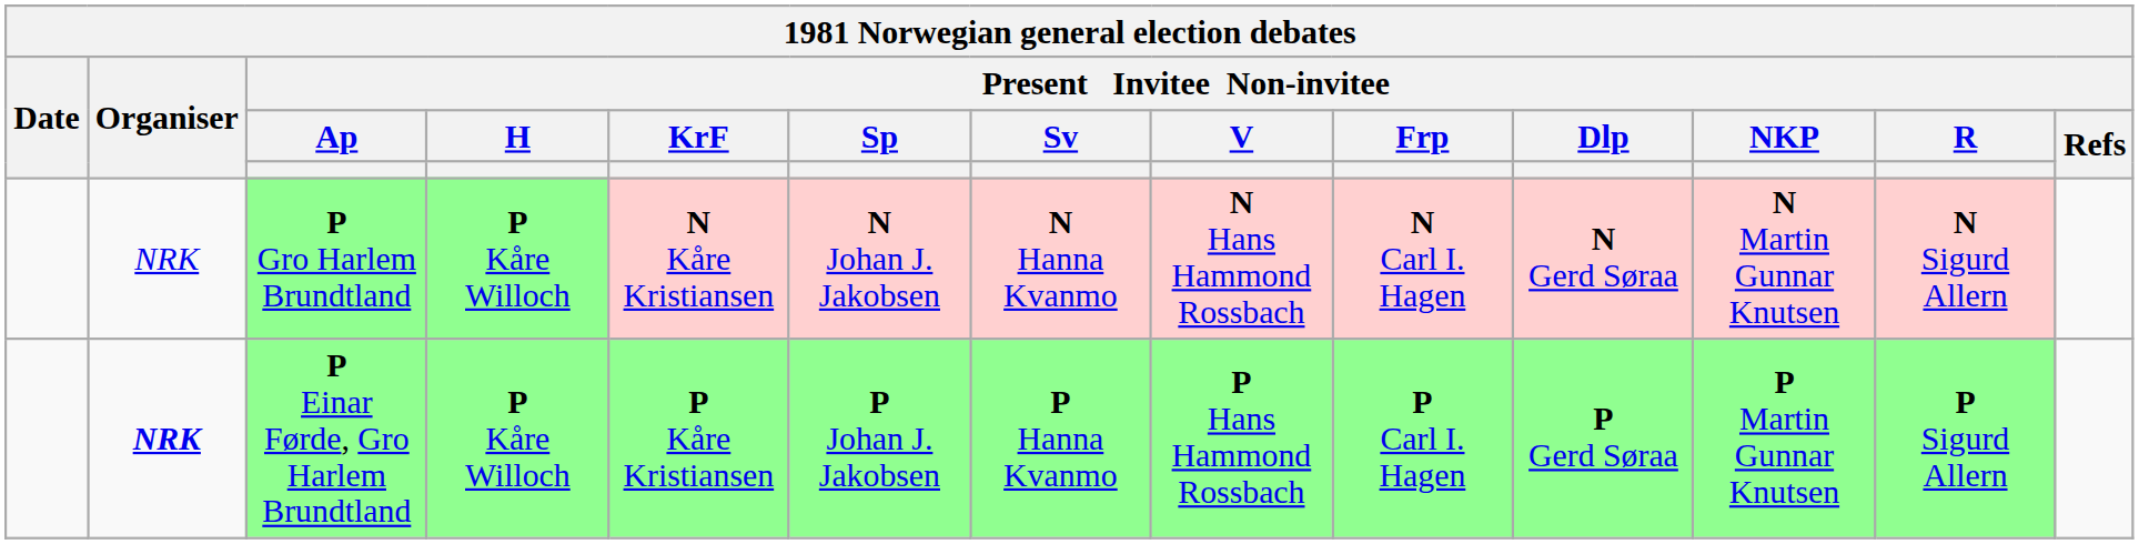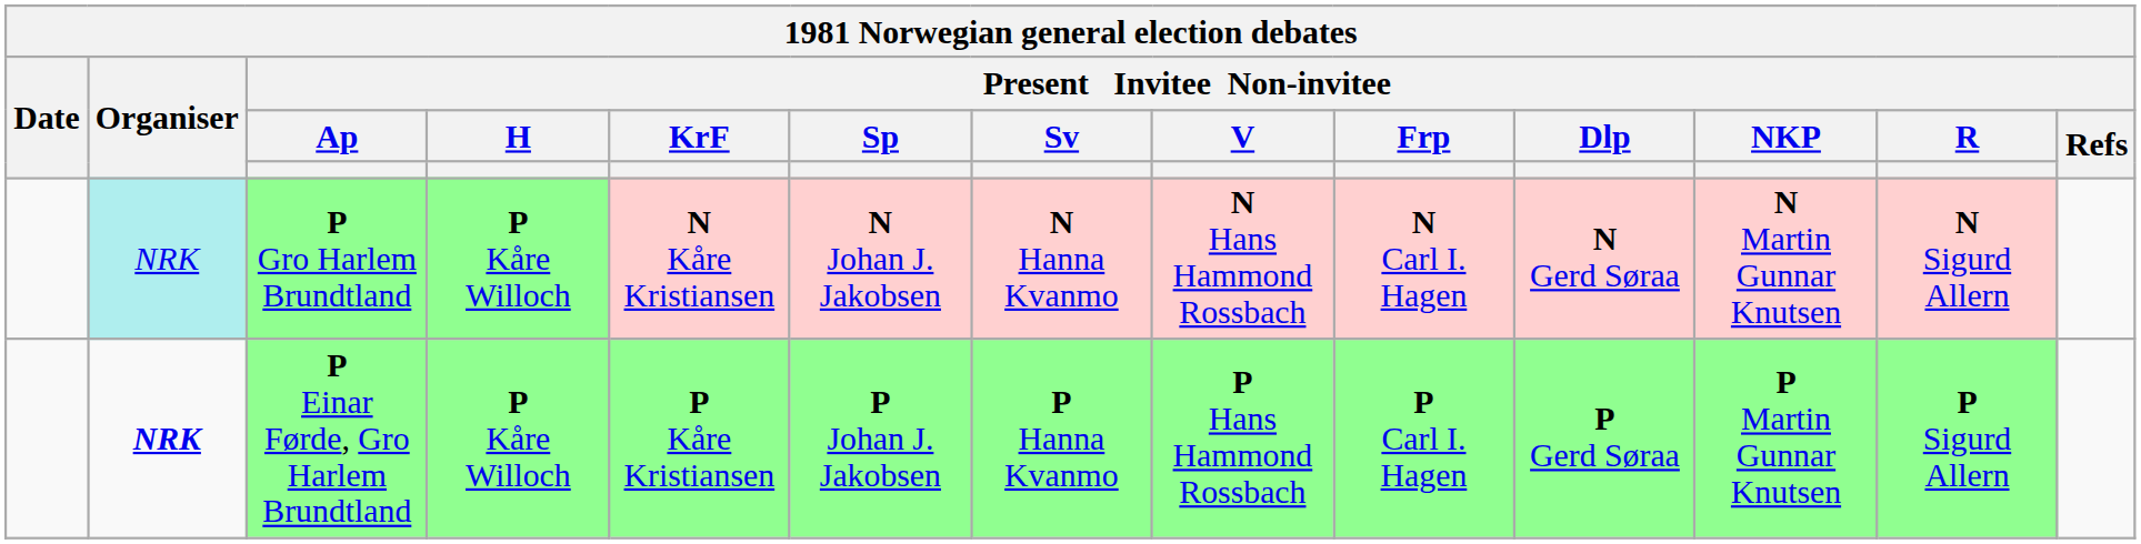 <table class="wikitable" style="font-size:85%; line-height:15px; text-align:center;">
 <tr>
 <th colspan="14">1981 Norwegian general election debates</th>
 </tr>
 <tr>
 <th rowspan="3">Date</th>
 <th rowspan="3">Organiser</th>
 <th colspan="11"> Present    Invitee  Non-invitee </th>
 </tr>
 <tr>
 <th scope="col" style="width:5em;"><a href='#'>Ap</a></th>
 <th scope="col" style="width:5em;"><a href='#'>H</a></th>
 <th scope="col" style="width:5em;"><a href='#'>KrF</a></th>
 <th scope="col" style="width:5em;"><a href='#'>Sp</a></th>
 <th scope="col" style="width:5em;"><a href='#'>Sv</a></th>
 <th scope="col" style="width:5em;"><a href='#'>V</a></th>
 <th scope="col" style="width:5em;"><a href='#'>Frp</a></th>
 <th scope="col" style="width:5em;"><a href='#'>Dlp</a></th>
 <th scope="col" style="width:5em;"><a href='#'>NKP</a></th>
 <th scope="col" style="width:5em;"><a href='#'>R</a></th>
 <th rowspan="2">Refs</th>
 </tr>
 <tr>
 <th style="background:"></th>
 <th style="background:"></th>
 <th style="background:"></th>
 <th style="background:"></th>
 <th style="background:"></th>
 <th style="background:"></th>
 <th style="background:"></th>
 <th style="background:"></th>
 <th style="background:"></th>
 <th style="background:"></th>
 </tr>
 <tr>
 <td></td>
-<td><em><a href='#'>NRK</a></em></td>
+<td style="background: paleturquoise;"><em><a href='#'>NRK</a></em></td>
 <td style="background:#90FF90"><strong>P</strong><br><a href='#'>Gro Harlem Brundtland</a></td>
 <td style="background:#90FF90"><strong>P</strong><br><a href='#'>Kåre Willoch</a></td>
 <td style="background:#FFD0D0"><strong>N</strong><br><a href='#'>Kåre Kristiansen</a></td>
 <td style="background:#FFD0D0"><strong>N</strong><br><a href='#'>Johan J. Jakobsen</a></td>
 <td style="background:#FFD0D0"><strong>N</strong><br><a href='#'>Hanna Kvanmo</a></td>
 <td style="background:#FFD0D0"><strong>N</strong><br><a href='#'>Hans Hammond Rossbach</a></td>
 <td style="background:#FFD0D0"><strong>N</strong><br><a href='#'>Carl I. Hagen</a></td>
 <td style="background:#FFD0D0"><strong>N</strong><br><a href='#'>Gerd Søraa</a></td>
 <td style="background:#FFD0D0"><strong>N</strong><br><a href='#'>Martin Gunnar Knutsen</a></td>
 <td style="background:#FFD0D0"><strong>N</strong><br><a href='#'>Sigurd Allern</a></td>
 <td></td>
 </tr>
 <tr>
 <td></td>
 <td><strong><em><a href='#'>NRK</a></em></strong></td>
 <td style="background:#90FF90"><strong>P</strong><br><a href='#'>Einar Førde</a>, <a href='#'>Gro Harlem Brundtland</a></td>
 <td style="background:#90FF90"><strong>P</strong><br><a href='#'>Kåre Willoch</a></td>
 <td style="background:#90FF90"><strong>P</strong><br><a href='#'>Kåre Kristiansen</a></td>
 <td style="background:#90FF90"><strong>P</strong><br><a href='#'>Johan J. Jakobsen</a></td>
 <td style="background:#90FF90"><strong>P</strong><br><a href='#'>Hanna Kvanmo</a></td>
 <td style="background:#90FF90"><strong>P</strong><br><a href='#'>Hans Hammond Rossbach</a></td>
 <td style="background:#90FF90"><strong>P</strong><br><a href='#'>Carl I. Hagen</a></td>
 <td style="background:#90FF90"><strong>P</strong><br><a href='#'>Gerd Søraa</a></td>
 <td style="background:#90FF90"><strong>P</strong><br><a href='#'>Martin Gunnar Knutsen</a></td>
 <td style="background:#90FF90"><strong>P</strong><br><a href='#'>Sigurd Allern</a></td>
 <td></td>
 </tr>
 </table>
